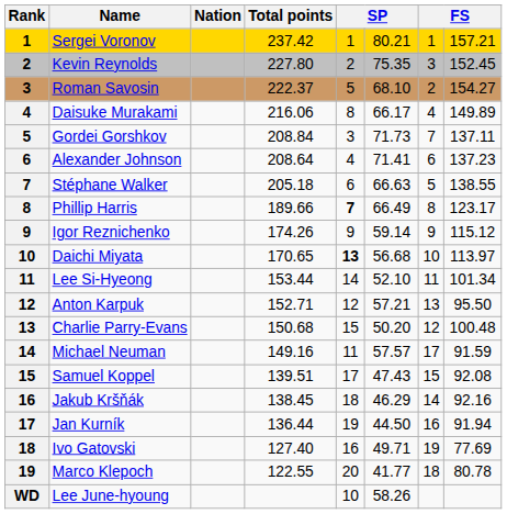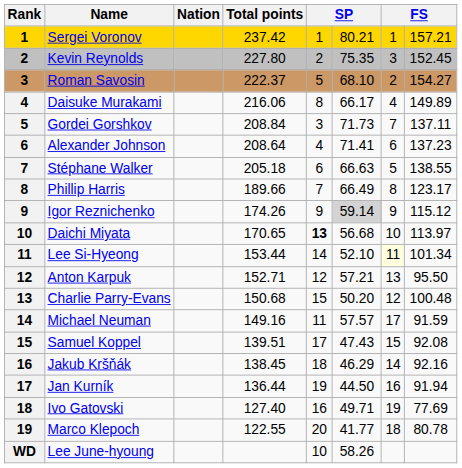 <table class="wikitable sortable">
 <tr>
 <th>Rank</th>
 <th>Name</th>
 <th>Nation</th>
 <th>Total points</th>
 <th colspan="2" width="80px"><a href='#'>SP</a></th>
 <th colspan="2" width="80px"><a href='#'>FS</a></th>
 </tr>
 <tr bgcolor="gold">
 <td align="center"><strong>1</strong></td>
 <td><a href='#'>Sergei Voronov</a></td>
 <td></td>
 <td align="center">237.42</td>
 <td align="center">1</td>
 <td align="center">80.21</td>
 <td align="center">1</td>
 <td align="center">157.21</td>
 </tr>
 <tr bgcolor="silver">
 <td align="center"><strong>2</strong></td>
 <td><a href='#'>Kevin Reynolds</a></td>
 <td></td>
 <td align="center">227.80</td>
 <td align="center">2</td>
 <td align="center">75.35</td>
 <td align="center">3</td>
 <td align="center">152.45</td>
 </tr>
 <tr bgcolor="cc9966">
 <td align="center"><strong>3</strong></td>
 <td><a href='#'>Roman Savosin</a></td>
 <td></td>
 <td align="center">222.37</td>
 <td align="center">5</td>
 <td align="center">68.10</td>
 <td align="center">2</td>
 <td align="center">154.27</td>
 </tr>
 <tr>
 <th>4</th>
 <td><a href='#'>Daisuke Murakami</a></td>
 <td></td>
 <td align="center">216.06</td>
 <td align="center">8</td>
 <td align="center">66.17</td>
 <td align="center">4</td>
 <td align="center">149.89</td>
 </tr>
 <tr>
 <th>5</th>
 <td><a href='#'>Gordei Gorshkov</a></td>
 <td></td>
 <td align="center">208.84</td>
 <td align="center">3</td>
 <td align="center">71.73</td>
 <td align="center">7</td>
 <td align="center">137.11</td>
 </tr>
 <tr>
 <th>6</th>
 <td><a href='#'>Alexander Johnson</a></td>
 <td></td>
 <td align="center">208.64</td>
 <td align="center">4</td>
 <td align="center">71.41</td>
 <td align="center">6</td>
 <td align="center">137.23</td>
 </tr>
 <tr>
 <th>7</th>
 <td><a href='#'>Stéphane Walker</a></td>
 <td></td>
 <td align="center">205.18</td>
 <td align="center">6</td>
 <td align="center">66.63</td>
 <td align="center">5</td>
 <td align="center">138.55</td>
 </tr>
 <tr>
 <th>8</th>
 <td><a href='#'>Phillip Harris</a></td>
 <td></td>
 <td align="center">189.66</td>
-<td align="center"><strong>7</strong></td>
+<td align="center">7</td>
 <td align="center">66.49</td>
 <td align="center">8</td>
 <td align="center">123.17</td>
 </tr>
 <tr>
 <th>9</th>
 <td><a href='#'>Igor Reznichenko</a></td>
 <td></td>
 <td align="center">174.26</td>
 <td align="center">9</td>
-<td align="center">59.14</td>
+<td align="center" style="background: lightgrey;">59.14</td>
 <td align="center">9</td>
 <td align="center">115.12</td>
 </tr>
 <tr>
 <th>10</th>
 <td><a href='#'>Daichi Miyata</a></td>
 <td></td>
 <td align="center">170.65</td>
 <td align="center"><strong>13</strong></td>
 <td align="center">56.68</td>
 <td align="center">10</td>
 <td align="center">113.97</td>
 </tr>
 <tr>
 <th>11</th>
 <td><a href='#'>Lee Si-Hyeong</a></td>
 <td></td>
 <td align="center">153.44</td>
 <td align="center">14</td>
 <td align="center">52.10</td>
-<td align="center">11</td>
+<td align="center" style="background: lightyellow;">11</td>
 <td align="center">101.34</td>
 </tr>
 <tr>
 <th>12</th>
 <td><a href='#'>Anton Karpuk</a></td>
 <td></td>
 <td align="center">152.71</td>
 <td align="center">12</td>
 <td align="center">57.21</td>
 <td align="center">13</td>
 <td align="center">95.50</td>
 </tr>
 <tr>
 <th>13</th>
 <td><a href='#'>Charlie Parry-Evans</a></td>
 <td></td>
 <td align="center">150.68</td>
 <td align="center">15</td>
 <td align="center">50.20</td>
 <td align="center">12</td>
 <td align="center">100.48</td>
 </tr>
 <tr>
 <th>14</th>
 <td><a href='#'>Michael Neuman</a></td>
 <td></td>
 <td align="center">149.16</td>
 <td align="center">11</td>
 <td align="center">57.57</td>
 <td align="center">17</td>
 <td align="center">91.59</td>
 </tr>
 <tr>
 <th>15</th>
 <td><a href='#'>Samuel Koppel</a></td>
 <td></td>
 <td align="center">139.51</td>
 <td align="center">17</td>
 <td align="center">47.43</td>
 <td align="center">15</td>
 <td align="center">92.08</td>
 </tr>
 <tr>
 <th>16</th>
 <td><a href='#'>Jakub Kršňák</a></td>
 <td></td>
 <td align="center">138.45</td>
 <td align="center">18</td>
 <td align="center">46.29</td>
 <td align="center">14</td>
 <td align="center">92.16</td>
 </tr>
 <tr>
 <th>17</th>
 <td><a href='#'>Jan Kurník</a></td>
 <td></td>
 <td align="center">136.44</td>
 <td align="center">19</td>
 <td align="center">44.50</td>
 <td align="center">16</td>
 <td align="center">91.94</td>
 </tr>
 <tr>
 <th>18</th>
 <td><a href='#'>Ivo Gatovski</a></td>
 <td></td>
 <td align="center">127.40</td>
 <td align="center">16</td>
 <td align="center">49.71</td>
 <td align="center">19</td>
 <td align="center">77.69</td>
 </tr>
 <tr>
 <th>19</th>
 <td><a href='#'>Marco Klepoch</a></td>
 <td></td>
 <td align="center">122.55</td>
 <td align="center">20</td>
 <td align="center">41.77</td>
 <td align="center">18</td>
 <td align="center">80.78</td>
 </tr>
 <tr>
 <th>WD</th>
 <td><a href='#'>Lee June-hyoung</a></td>
 <td></td>
 <td></td>
 <td align="center">10</td>
 <td align="center">58.26</td>
 <td></td>
 <td></td>
 </tr>
 </table>
